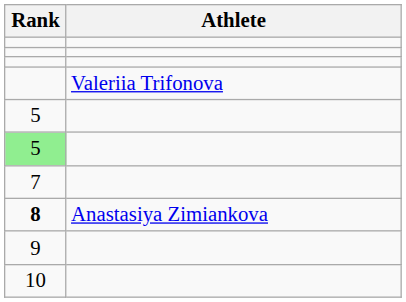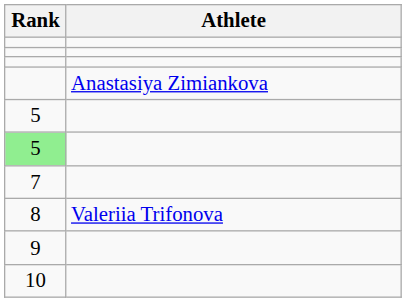 <table class="wikitable" style="text-align: center;">
 <tr>
 <th width=40>Rank</th>
 <th width=250>Athlete</th>
 </tr>
 <tr>
 <td></td>
 <td align="left"></td>
 </tr>
 <tr>
 <td></td>
 <td align="left"></td>
 </tr>
 <tr>
 <td></td>
 <td align="left"></td>
 </tr>
 <tr>
 <td></td>
-<td align="left"> <a href='#'>Valeriia Trifonova</a> </td>
+<td align="left"> <a href='#'>Anastasiya Zimiankova</a> </td>
 </tr>
 <tr>
 <td>5</td>
 <td align="left"></td>
 </tr>
 <tr>
 <td style="background: lightgreen;">5</td>
 <td align="left"></td>
 </tr>
 <tr>
 <td>7</td>
 <td align="left"></td>
 </tr>
 <tr>
-<td><strong>8</strong></td>
-<td align="left"> <a href='#'>Anastasiya Zimiankova</a> </td>
+<td>8</td>
+<td align="left"> <a href='#'>Valeriia Trifonova</a> </td>
 </tr>
 <tr>
 <td>9</td>
 <td align="left"></td>
 </tr>
 <tr>
 <td>10</td>
 <td align="left"></td>
 </tr>
 </table>
